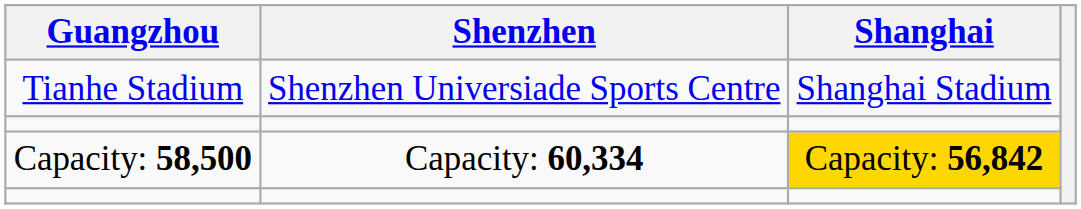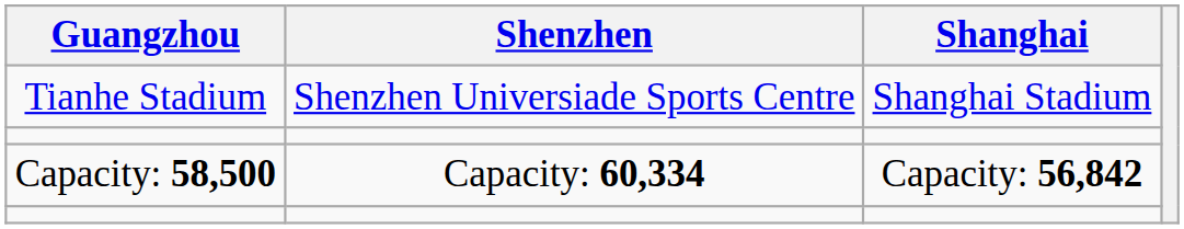 <table class="wikitable" style="margin:1em auto; text-align:center">
 <tr>
 <th><a href='#'>Guangzhou</a></th>
 <th><a href='#'>Shenzhen</a></th>
 <th><a href='#'>Shanghai</a></th>
 <th rowspan="5"></th>
 </tr>
 <tr>
 <td><a href='#'>Tianhe Stadium</a></td>
 <td><a href='#'>Shenzhen Universiade Sports Centre</a></td>
 <td><a href='#'>Shanghai Stadium</a></td>
 </tr>
 <tr>
 <td><small></small></td>
 <td><small></small></td>
 <td><small></small></td>
 </tr>
 <tr>
 <td>Capacity: <strong>58,500</strong></td>
 <td>Capacity: <strong>60,334</strong></td>
-<td style="background: gold;">Capacity: <strong>56,842</strong></td>
+<td>Capacity: <strong>56,842</strong></td>
 </tr>
 <tr>
 <td></td>
 <td></td>
 <td></td>
 </tr>
 </table>
